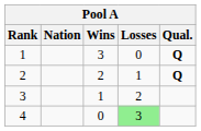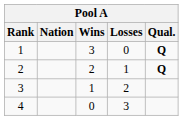 <table class="wikitable" style="text-align:center">
 <tr>
 <th colspan=5 align=center><strong>Pool A</strong></th>
 </tr>
 <tr>
 <th>Rank</th>
 <th>Nation</th>
 <th>Wins</th>
 <th>Losses</th>
 <th>Qual.</th>
 </tr>
 <tr>
 <td>1</td>
 <td align=left></td>
 <td>3</td>
 <td>0</td>
 <td><strong>Q</strong></td>
 </tr>
 <tr>
 <td>2</td>
 <td align=left></td>
 <td>2</td>
 <td>1</td>
 <td><strong>Q</strong></td>
 </tr>
 <tr>
 <td>3</td>
 <td align=left></td>
 <td>1</td>
 <td>2</td>
 <td></td>
 </tr>
 <tr>
 <td>4</td>
 <td align=left></td>
 <td>0</td>
-<td style="background: lightgreen;">3</td>
+<td>3</td>
 <td></td>
 </tr>
 </table>
